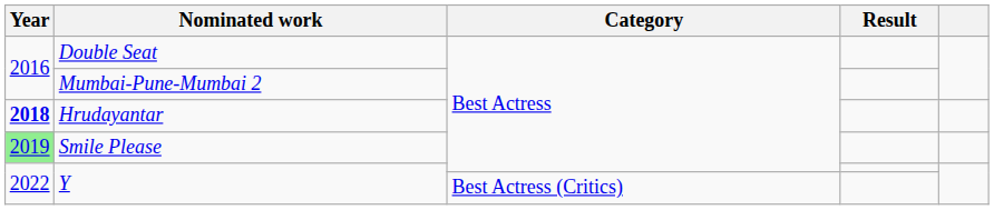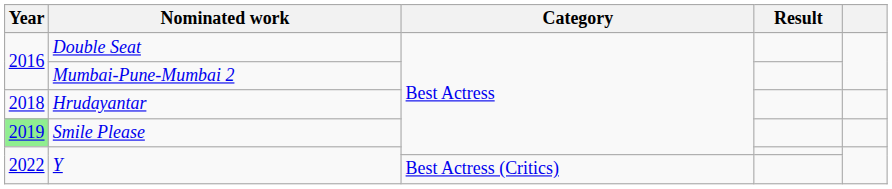 <table class="wikitable">
 <tr>
 <th width="5%">Year</th>
 <th width="40%">Nominated work</th>
 <th width="40%">Category</th>
 <th width="10%">Result</th>
 <th width="5%"></th>
 </tr>
 <tr>
 <td rowspan="2" style="text-align:center;"><a href='#'>2016</a></td>
 <td><em><a href='#'>Double Seat</a></em></td>
 <td rowspan="5"><a href='#'>Best Actress</a></td>
 <td></td>
 <td rowspan="2" style="text-align:center;"></td>
 </tr>
 <tr>
 <td><em><a href='#'>Mumbai-Pune-Mumbai 2</a></em></td>
 <td></td>
 </tr>
 <tr>
-<td style="text-align:center;"><strong><a href='#'>2018</a></strong></td>
+<td style="text-align:center;"><a href='#'>2018</a></td>
 <td><em><a href='#'>Hrudayantar</a></em></td>
 <td></td>
 <td style="text-align:center;"></td>
 </tr>
 <tr>
 <td style="background: lightgreen; text-align:center;"><a href='#'>2019</a></td>
 <td><em><a href='#'>Smile Please</a></em></td>
 <td></td>
 <td style="text-align:center;"></td>
 </tr>
 <tr>
 <td rowspan="2" style="text-align:center;"><a href='#'>2022</a></td>
 <td rowspan="2"><em><a href='#'>Y</a></em></td>
 <td></td>
 <td rowspan="2" style="text-align:center;"></td>
 </tr>
 <tr>
 <td><a href='#'>Best Actress (Critics)</a></td>
 <td></td>
 </tr>
 </table>
